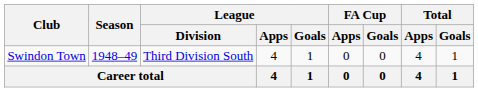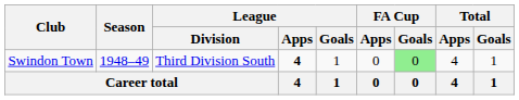 <table class="wikitable" style="text-align: center;">
 <tr>
 <th rowspan="2">Club</th>
 <th rowspan="2">Season</th>
 <th colspan="3">League</th>
 <th colspan="2">FA Cup</th>
 <th colspan="2">Total</th>
 </tr>
 <tr>
 <th>Division</th>
 <th>Apps</th>
 <th>Goals</th>
 <th>Apps</th>
 <th>Goals</th>
 <th>Apps</th>
 <th>Goals</th>
 </tr>
 <tr>
 <td><a href='#'>Swindon Town</a></td>
 <td><a href='#'>1948–49</a></td>
 <td><a href='#'>Third Division South</a></td>
-<td>4</td>
+<td><strong>4</strong></td>
 <td>1</td>
 <td>0</td>
-<td>0</td>
+<td style="background: lightgreen;">0</td>
 <td>4</td>
 <td>1</td>
 </tr>
 <tr>
 <th colspan="3">Career total</th>
 <th>4</th>
 <th>1</th>
 <th>0</th>
 <th>0</th>
 <th>4</th>
 <th>1</th>
 </tr>
 </table>
